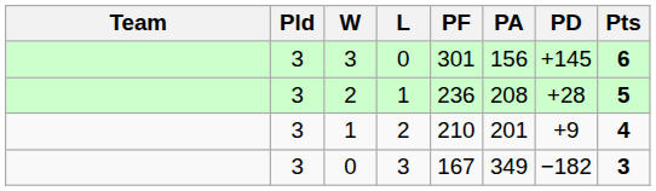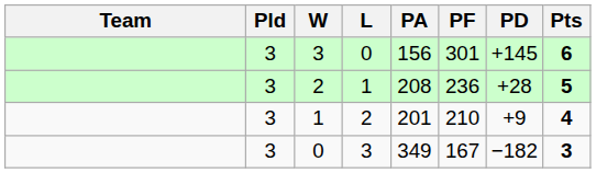 <table class=wikitable style="text-align:center">
 <tr>
 <th width=180>Team</th>
 <th width=30>Pld</th>
 <th width=30>W</th>
 <th width=30>L</th>
+<th width=30>PA</th>
 <th width=30>PF</th>
-<th width=30>PA</th>
 <th width=30>PD</th>
 <th width=30>Pts</th>
 </tr>
 <tr align=center bgcolor="#ccffcc">
 <td align=left></td>
 <td>3</td>
 <td>3</td>
 <td>0</td>
+<td>156</td>
 <td>301</td>
-<td>156</td>
 <td>+145</td>
 <td><strong>6</strong></td>
 </tr>
 <tr align=center bgcolor="#ccffcc">
 <td align=left></td>
 <td>3</td>
 <td>2</td>
 <td>1</td>
+<td>208</td>
 <td>236</td>
-<td>208</td>
 <td>+28</td>
 <td><strong>5</strong></td>
 </tr>
 <tr align=center>
 <td align=left></td>
 <td>3</td>
 <td>1</td>
 <td>2</td>
+<td>201</td>
 <td>210</td>
-<td>201</td>
 <td>+9</td>
 <td><strong>4</strong></td>
 </tr>
 <tr align=center>
 <td align=left></td>
 <td>3</td>
 <td>0</td>
 <td>3</td>
+<td>349</td>
 <td>167</td>
-<td>349</td>
 <td>−182</td>
 <td><strong>3</strong></td>
 </tr>
 </table>
